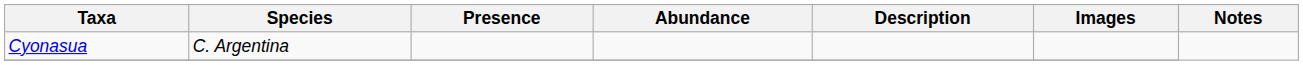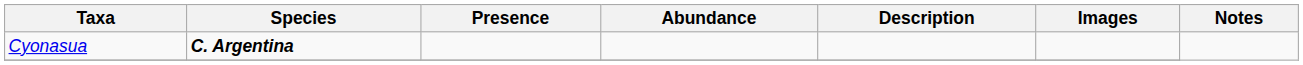 <table class="wikitable sortable" align="center" width="75%">
 <tr>
 <th>Taxa</th>
 <th>Species</th>
 <th>Presence</th>
 <th>Abundance</th>
 <th>Description</th>
 <th>Images</th>
 <th>Notes</th>
 </tr>
 <tr>
 <td><em><a href='#'>Cyonasua</a></em></td>
-<td><em>C. Argentina</em></td>
+<td><strong><em>C. Argentina</em></strong></td>
 <td></td>
 <td></td>
 <td></td>
 <td></td>
 </tr>
 <tr>
 </tr>
 </table>
